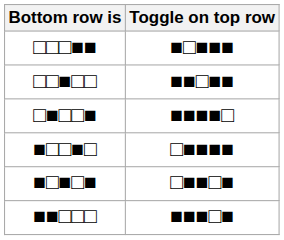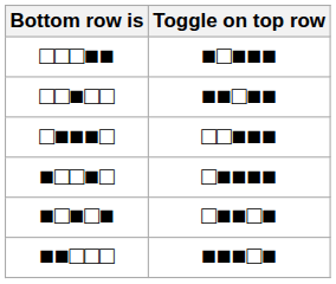 <table class="wikitable" style="background:#ffffff;text-align:center;font:125% Courier New;">
 <tr style="font:80% sans-serif;">
 <th>Bottom row is</th>
 <th>Toggle on top row</th>
 </tr>
 <tr>
 <td>□□□■■</td>
 <td>■□■■■</td>
 </tr>
 <tr>
 <td>□□■□□</td>
 <td>■■□■■</td>
 </tr>
 <tr>
-<td>□■□□■</td>
-<td>■■■■□</td>
+<td>□■■■□</td>
+<td>□□■■■</td>
 </tr>
 <tr>
 <td>■□□■□</td>
 <td>□■■■■</td>
 </tr>
 <tr>
 <td>■□■□■</td>
 <td>□■■□■</td>
 </tr>
 <tr>
 <td>■■□□□</td>
 <td>■■■□■</td>
 </tr>
 </table>
